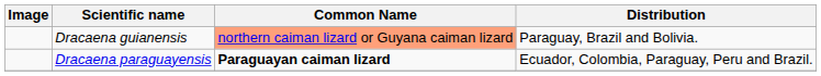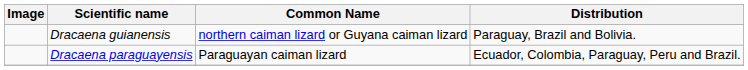 <table class="wikitable">
 <tr>
 <th>Image</th>
 <th>Scientific name</th>
 <th>Common Name</th>
 <th>Distribution</th>
 </tr>
 <tr>
 <td></td>
 <td><em>Dracaena guianensis</em> </td>
-<td style="background: lightsalmon;"><a href='#'>northern caiman lizard</a> or Guyana caiman lizard</td>
+<td><a href='#'>northern caiman lizard</a> or Guyana caiman lizard</td>
 <td>Paraguay, Brazil and Bolivia.</td>
 </tr>
 <tr>
 <td></td>
 <td><em><a href='#'>Dracaena paraguayensis</a></em> </td>
-<td><strong>Paraguayan caiman lizard</strong></td>
+<td>Paraguayan caiman lizard</td>
 <td>Ecuador, Colombia, Paraguay, Peru and Brazil.</td>
 </tr>
 <tr>
 </tr>
 </table>
